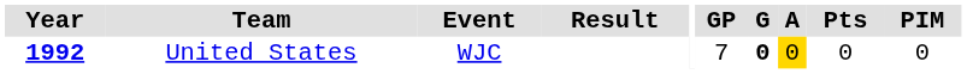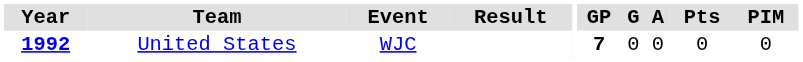 <table border="0" cellpadding="1" cellspacing="0" ID="Table3" style="text-align:center; width:40%">
 <tr bgcolor="#e0e0e0">
 <th>Year</th>
 <th>Team</th>
 <th>Event</th>
 <th>Result</th>
 <th rowspan="102" bgcolor="#ffffff"></th>
 <th>GP</th>
 <th>G</th>
 <th>A</th>
 <th>Pts</th>
 <th>PIM</th>
 </tr>
 <tr>
 <td><strong><a href='#'>1992</a></strong></td>
 <td><a href='#'>United States</a></td>
 <td><a href='#'>WJC</a></td>
 <td></td>
-<td>7</td>
-<td><strong>0</strong></td>
-<td style="background: gold;">0</td>
+<td><strong>7</strong></td>
+<td>0</td>
+<td>0</td>
 <td>0</td>
 <td>0</td>
 </tr>
 </table>
